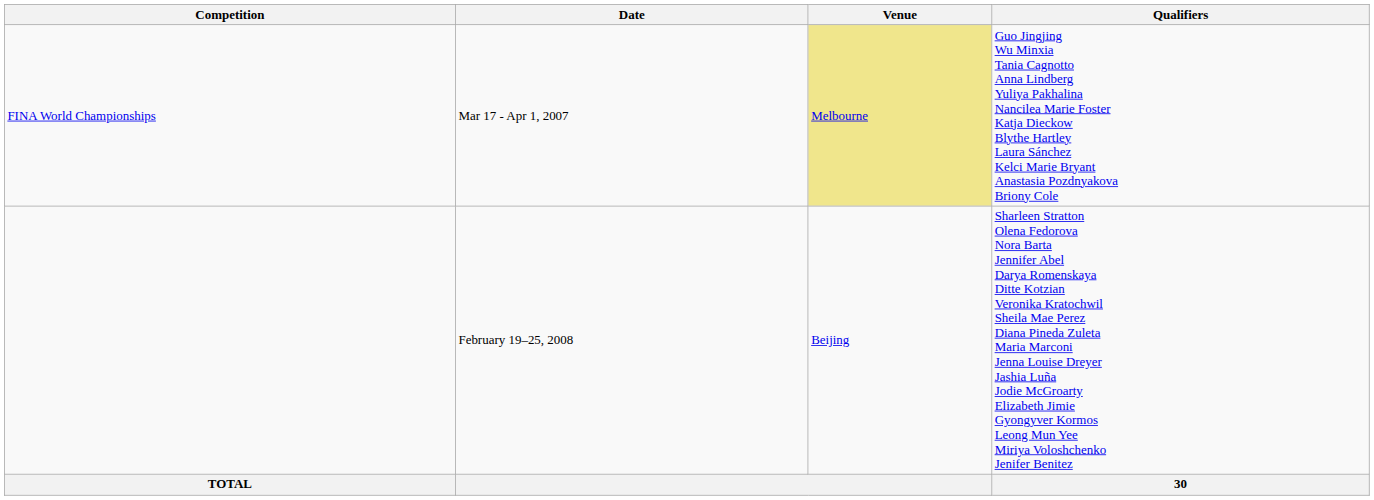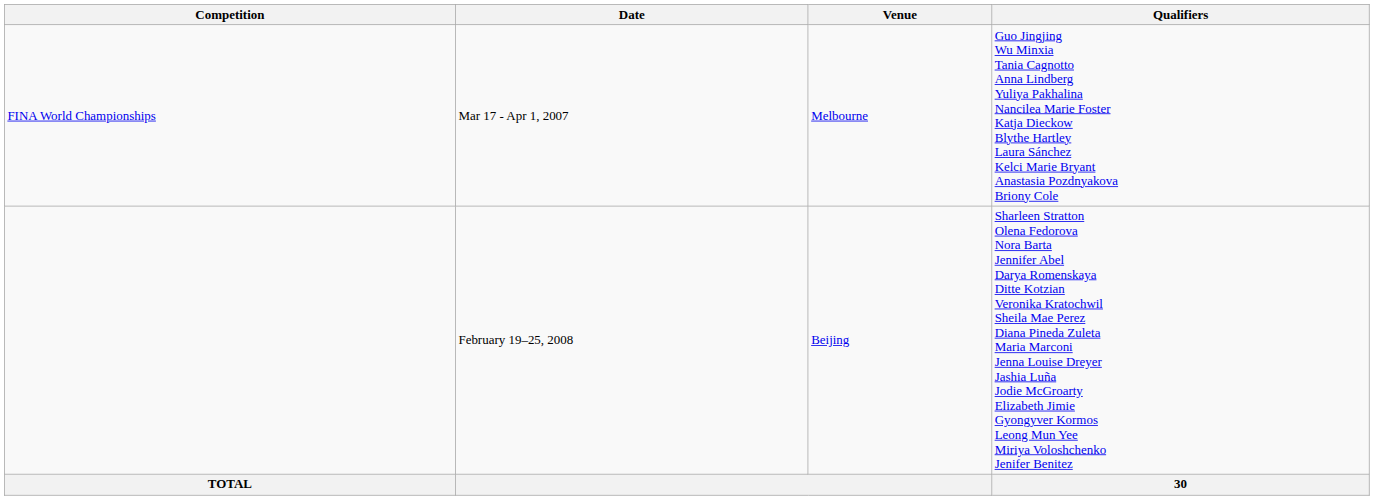 <table class="wikitable" width=85%>
 <tr>
 <th>Competition</th>
 <th>Date</th>
 <th>Venue</th>
 <th>Qualifiers</th>
 </tr>
 <tr>
 <td><a href='#'>FINA World Championships</a></td>
 <td>Mar 17 - Apr 1, 2007</td>
-<td style="background: khaki;"> <a href='#'>Melbourne</a></td>
+<td> <a href='#'>Melbourne</a></td>
 <td> <a href='#'>Guo Jingjing</a><br> <a href='#'>Wu Minxia</a><br> <a href='#'>Tania Cagnotto</a><br> <a href='#'>Anna Lindberg</a> <br> <a href='#'>Yuliya Pakhalina</a><br> <a href='#'>Nancilea Marie Foster</a><br> <a href='#'>Katja Dieckow</a><br> <a href='#'>Blythe Hartley</a><br> <a href='#'>Laura Sánchez</a><br> <a href='#'>Kelci Marie Bryant</a><br> <a href='#'>Anastasia Pozdnyakova</a><br> <a href='#'>Briony Cole</a></td>
 </tr>
 <tr>
 <td></td>
 <td>February 19–25, 2008</td>
 <td> <a href='#'>Beijing</a></td>
 <td> <a href='#'>Sharleen Stratton</a><br> <a href='#'>Olena Fedorova</a><br> <a href='#'>Nora Barta</a><br> <a href='#'>Jennifer Abel</a><br> <a href='#'>Darya Romenskaya</a><br> <a href='#'>Ditte Kotzian</a><br> <a href='#'>Veronika Kratochwil</a><br> <a href='#'>Sheila Mae Perez</a><br> <a href='#'>Diana Pineda Zuleta</a><br> <a href='#'>Maria Marconi</a><br> <a href='#'>Jenna Louise Dreyer</a><br> <a href='#'>Jashia Luña</a><br> <a href='#'>Jodie McGroarty</a><br> <a href='#'>Elizabeth Jimie</a><br> <a href='#'>Gyongyver Kormos</a><br> <a href='#'>Leong Mun Yee</a><br> <a href='#'>Miriya Voloshchenko</a><br> <a href='#'>Jenifer Benitez</a></td>
 </tr>
 <tr>
 <th>TOTAL</th>
 <th colspan="2"></th>
 <th>30</th>
 </tr>
 </table>
